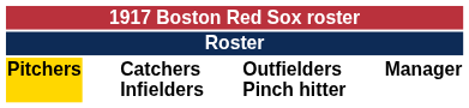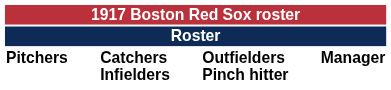 <table class="toccolours" style="text-align: left;">
 <tr>
 <th colspan="10" style="background-color: #ba313c; color: white; text-align: center;">1917 Boston Red Sox roster</th>
 </tr>
 <tr>
 <td colspan="10" style="background-color: #0d2b56; color: white; text-align: center;"><strong>Roster</strong></td>
 </tr>
 <tr>
-<td valign="top" style="background: gold;"><strong>Pitchers</strong><br>        </td>
+<td valign="top"><strong>Pitchers</strong><br>        </td>
 <td width="25px"></td>
 <td valign="top"><strong>Catchers</strong><br>    <strong>Infielders</strong>        </td>
 <td width="25px"></td>
 <td valign="top"><strong>Outfielders</strong><br>     <strong>Pinch hitter</strong> </td>
 <td width="25px"></td>
 <td valign="top"><strong>Manager</strong><br></td>
 </tr>
 <tr>
 </tr>
 </table>
